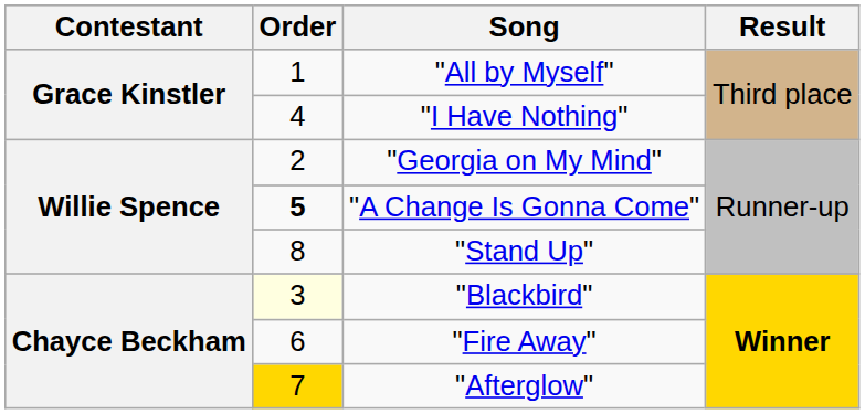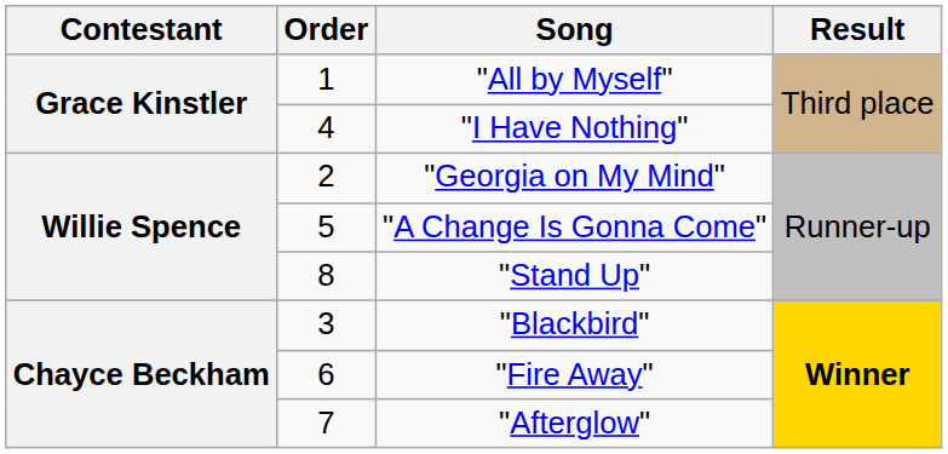 <table class="wikitable unsortable" style="text-align:center;">
 <tr>
 <th scope="col">Contestant</th>
 <th scope="col">Order</th>
 <th scope="col">Song</th>
 <th scope="col">Result</th>
 </tr>
 <tr>
 <th scope="row" rowspan="2">Grace Kinstler</th>
 <td>1</td>
 <td>"<a href='#'>All by Myself</a>"</td>
 <td rowspan="2" bgcolor="tan">Third place</td>
 </tr>
 <tr>
 <td>4</td>
 <td>"<a href='#'>I Have Nothing</a>"</td>
 </tr>
 <tr>
 <th scope="row" rowspan="3">Willie Spence</th>
 <td>2</td>
 <td>"<a href='#'>Georgia on My Mind</a>"</td>
 <td rowspan="3" bgcolor="silver">Runner-up</td>
 </tr>
 <tr>
-<td><strong>5</strong></td>
+<td>5</td>
 <td>"<a href='#'>A Change Is Gonna Come</a>"</td>
 </tr>
 <tr>
 <td>8</td>
 <td>"<a href='#'>Stand Up</a>"</td>
 </tr>
 <tr>
 <th scope="row" rowspan="3">Chayce Beckham</th>
-<td style="background: lightyellow;">3</td>
+<td>3</td>
 <td>"<a href='#'>Blackbird</a>"</td>
 <td rowspan="3" bgcolor="gold"><strong>Winner</strong></td>
 </tr>
 <tr>
 <td>6</td>
 <td>"<a href='#'>Fire Away</a>"</td>
 </tr>
 <tr>
-<td style="background: gold;">7</td>
+<td>7</td>
 <td>"<a href='#'>Afterglow</a>"</td>
 </tr>
 </table>
